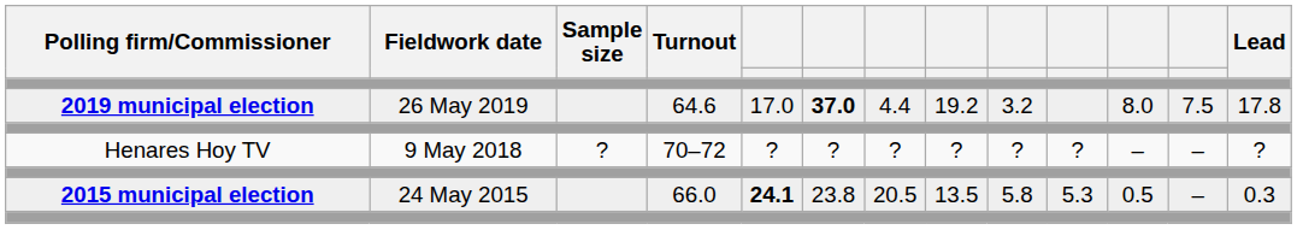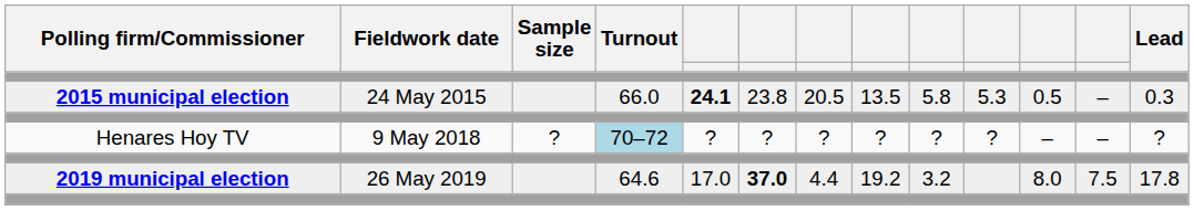 <table class="wikitable collapsible collapsed" style="text-align:center; font-size:95%; line-height:16px;">
 <tr style="height:42px;">
 <th style="width:250px;" rowspan="2">Polling firm/Commissioner</th>
 <th style="width:125px;" rowspan="2">Fieldwork date</th>
 <th style="width:50px;" rowspan="2">Sample size</th>
 <th style="width:45px;" rowspan="2">Turnout</th>
 <th style="width:35px;"></th>
 <th style="width:35px;"></th>
 <th style="width:35px;"></th>
 <th style="width:35px;"></th>
 <th style="width:35px;"></th>
 <th style="width:35px;"></th>
 <th style="width:35px;"></th>
 <th style="width:35px;"></th>
 <th style="width:30px;" rowspan="2">Lead</th>
 </tr>
 <tr>
 <th style="color:inherit;background:"></th>
 <th style="color:inherit;background:"></th>
 <th style="color:inherit;background:"></th>
 <th style="color:inherit;background:"></th>
 <th style="color:inherit;background:"></th>
 <th style="color:inherit;background:"></th>
 <th style="color:inherit;background:"></th>
 <th style="color:inherit;background:"></th>
 </tr>
 <tr>
 <td colspan="13" style="background:#A0A0A0"></td>
 </tr>
 <tr style="background:#EFEFEF;">
+<td><strong><a href='#'>2015 municipal election</a></strong></td>
+<td>24 May 2015</td>
+<td></td>
+<td>66.0</td>
+<td><strong>24.1</strong><br></td>
+<td>23.8<br></td>
+<td>20.5<br></td>
+<td>13.5<br></td>
+<td>5.8<br></td>
+<td>5.3<br></td>
+<td>0.5<br></td>
+<td>–</td>
+<td style="background:">0.3</td>
+</tr>
+<tr>
+<td colspan="13" style="background:#A0A0A0"></td>
+</tr>
+<tr>
+<td>Henares Hoy TV</td>
+<td>9 May 2018</td>
+<td>?</td>
+<td style="background: lightblue;">70–72</td>
+<td>?<br></td>
+<td>?<br></td>
+<td>?<br></td>
+<td>?<br></td>
+<td>?<br></td>
+<td>?<br></td>
+<td>–</td>
+<td>–</td>
+<td style="background:">?</td>
+</tr>
+<tr>
+<td colspan="13" style="background:#A0A0A0"></td>
+</tr>
+<tr style="background:#EFEFEF;">
 <td><strong><a href='#'>2019 municipal election</a></strong></td>
 <td>26 May 2019</td>
 <td></td>
 <td>64.6</td>
 <td>17.0<br></td>
 <td><strong>37.0</strong><br></td>
 <td>4.4<br></td>
 <td>19.2<br></td>
 <td>3.2<br></td>
 <td></td>
 <td>8.0<br></td>
 <td>7.5<br></td>
 <td style="background:">17.8</td>
 </tr>
 <tr>
 <td colspan="13" style="background:#A0A0A0"></td>
 </tr>
-<tr>
-<td>Henares Hoy TV</td>
-<td>9 May 2018</td>
-<td>?</td>
-<td>70–72</td>
-<td>?<br></td>
-<td>?<br></td>
-<td>?<br></td>
-<td>?<br></td>
-<td>?<br></td>
-<td>?<br></td>
-<td>–</td>
-<td>–</td>
-<td style="background:">?</td>
-</tr>
-<tr>
-<td colspan="13" style="background:#A0A0A0"></td>
-</tr>
-<tr style="background:#EFEFEF;">
-<td><strong><a href='#'>2015 municipal election</a></strong></td>
-<td>24 May 2015</td>
-<td></td>
-<td>66.0</td>
-<td><strong>24.1</strong><br></td>
-<td>23.8<br></td>
-<td>20.5<br></td>
-<td>13.5<br></td>
-<td>5.8<br></td>
-<td>5.3<br></td>
-<td>0.5<br></td>
-<td>–</td>
-<td style="background:">0.3</td>
-</tr>
-<tr>
-<td colspan="13" style="background:#A0A0A0"></td>
-</tr>
 </table>
